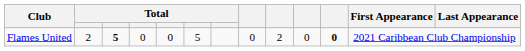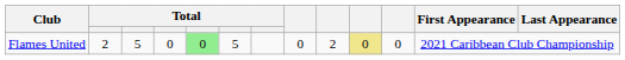 <table class="wikitable sortable" style="font-size:95%; text-align: center;">
 <tr>
 <th rowspan=2>Club</th>
 <th style="width:30px;" colspan=6>Total</th>
 <th rowspan=2 style="width:2em"></th>
 <th rowspan=2 style="width:2em"></th>
 <th rowspan=2 style="width:2em"></th>
 <th rowspan=2 style="width:2em"></th>
 <th rowspan=2>First Appearance</th>
 <th rowspan=2>Last Appearance</th>
 </tr>
 <tr>
 <th style="width:2em"></th>
 <th style="width:2em"></th>
 <th style="width:2em"></th>
 <th style="width:2em"></th>
 <th style="width:2em"></th>
 <th style="width:2em"></th>
 </tr>
 <tr>
 <td><a href='#'>Flames United</a></td>
 <td>2</td>
-<td><strong>5</strong></td>
+<td>5</td>
 <td>0</td>
-<td>0</td>
+<td style="background: lightgreen;">0</td>
 <td>5</td>
 <td></td>
 <td>0</td>
 <td>2</td>
+<td style="background: khaki;">0</td>
 <td>0</td>
-<td><strong>0</strong></td>
 <td colspan="2"><a href='#'>2021 Caribbean Club Championship</a></td>
 </tr>
 </table>
